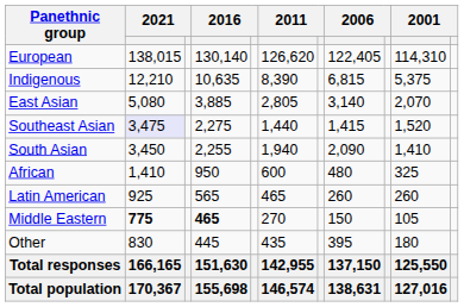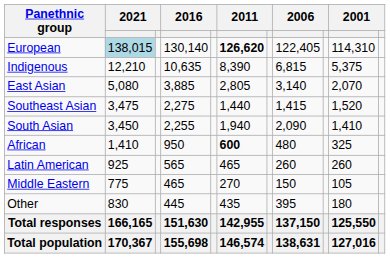 <table class="wikitable collapsible sortable">
 <tr>
 <th rowspan="2"><a href='#'>Panethnic</a><br>group</th>
 <th colspan="2">2021</th>
 <th colspan="2">2016</th>
 <th colspan="2">2011</th>
 <th colspan="2">2006</th>
 <th colspan="2">2001</th>
 </tr>
 <tr>
 <th><a href='#'></a></th>
 <th></th>
 <th></th>
 <th></th>
 <th></th>
 <th></th>
 <th></th>
 <th></th>
 <th></th>
 <th></th>
 </tr>
 <tr>
 <td><a href='#'>European</a></td>
-<td>138,015</td>
+<td style="background: lightblue;">138,015</td>
 <td></td>
 <td>130,140</td>
 <td></td>
-<td>126,620</td>
+<td><strong>126,620</strong></td>
 <td></td>
 <td>122,405</td>
 <td></td>
 <td>114,310</td>
 <td></td>
 </tr>
 <tr>
 <td><a href='#'>Indigenous</a></td>
 <td>12,210</td>
 <td></td>
 <td>10,635</td>
 <td></td>
 <td>8,390</td>
 <td></td>
 <td>6,815</td>
 <td></td>
 <td>5,375</td>
 <td></td>
 </tr>
 <tr>
 <td><a href='#'>East Asian</a></td>
 <td>5,080</td>
 <td></td>
 <td>3,885</td>
 <td></td>
 <td>2,805</td>
 <td></td>
 <td>3,140</td>
 <td></td>
 <td>2,070</td>
 <td></td>
 </tr>
 <tr>
 <td><a href='#'>Southeast Asian</a></td>
-<td style="background: lavender;">3,475</td>
+<td>3,475</td>
 <td></td>
 <td>2,275</td>
 <td></td>
 <td>1,440</td>
 <td></td>
 <td>1,415</td>
 <td></td>
 <td>1,520</td>
 <td></td>
 </tr>
 <tr>
 <td><a href='#'>South Asian</a></td>
 <td>3,450</td>
 <td></td>
 <td>2,255</td>
 <td></td>
 <td>1,940</td>
 <td></td>
 <td>2,090</td>
 <td></td>
 <td>1,410</td>
 <td></td>
 </tr>
 <tr>
 <td><a href='#'>African</a></td>
 <td>1,410</td>
 <td></td>
 <td>950</td>
 <td></td>
-<td>600</td>
+<td><strong>600</strong></td>
 <td></td>
 <td>480</td>
 <td></td>
 <td>325</td>
 <td></td>
 </tr>
 <tr>
 <td><a href='#'>Latin American</a></td>
 <td>925</td>
 <td></td>
 <td>565</td>
 <td></td>
 <td>465</td>
 <td></td>
 <td>260</td>
 <td></td>
 <td>260</td>
 <td></td>
 </tr>
 <tr>
 <td><a href='#'>Middle Eastern</a></td>
-<td><strong>775</strong></td>
+<td>775</td>
 <td></td>
-<td><strong>465</strong></td>
+<td>465</td>
 <td></td>
 <td>270</td>
 <td></td>
 <td>150</td>
 <td></td>
 <td>105</td>
 <td></td>
 </tr>
 <tr>
 <td>Other</td>
 <td>830</td>
 <td></td>
 <td>445</td>
 <td></td>
 <td>435</td>
 <td></td>
 <td>395</td>
 <td></td>
 <td>180</td>
 <td></td>
 </tr>
 <tr>
 <th>Total responses</th>
 <th>166,165</th>
 <th></th>
 <th>151,630</th>
 <th></th>
 <th>142,955</th>
 <th></th>
 <th>137,150</th>
 <th></th>
 <th>125,550</th>
 <th></th>
 </tr>
 <tr>
 <th>Total population</th>
 <th>170,367</th>
 <th></th>
 <th>155,698</th>
 <th></th>
 <th>146,574</th>
 <th></th>
 <th>138,631</th>
 <th></th>
 <th>127,016</th>
 <th></th>
 </tr>
 </table>
